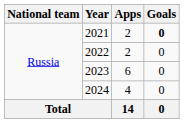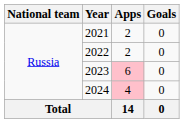 <table class="wikitable" style="text-align:center">
 <tr>
 <th>National team</th>
 <th>Year</th>
 <th>Apps</th>
 <th>Goals</th>
 </tr>
 <tr>
 <td rowspan="4"><a href='#'>Russia</a></td>
 <td>2021</td>
 <td>2</td>
-<td><strong>0</strong></td>
+<td>0</td>
 </tr>
 <tr>
 <td>2022</td>
 <td>2</td>
 <td>0</td>
 </tr>
 <tr>
 <td>2023</td>
-<td>6</td>
+<td style="background: pink;">6</td>
 <td>0</td>
 </tr>
 <tr>
 <td>2024</td>
-<td>4</td>
+<td style="background: pink;">4</td>
 <td>0</td>
 </tr>
 <tr>
 <th colspan="2">Total</th>
 <th>14</th>
 <th>0</th>
 </tr>
 </table>
